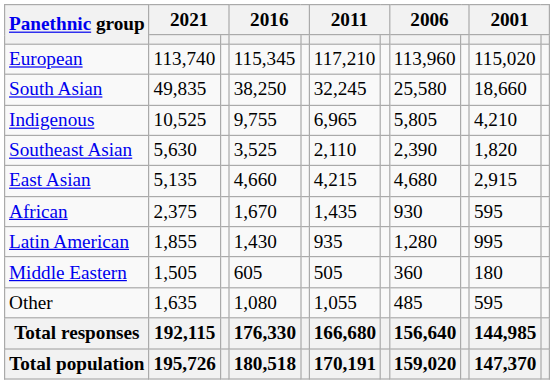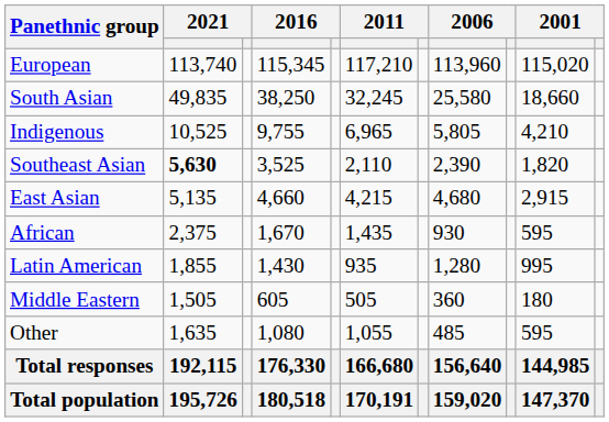 <table class="wikitable collapsible sortable">
 <tr>
 <th rowspan="2"><a href='#'>Panethnic</a> group</th>
 <th colspan="2">2021</th>
 <th colspan="2">2016</th>
 <th colspan="2">2011</th>
 <th colspan="2">2006</th>
 <th colspan="2">2001</th>
 </tr>
 <tr>
 <th><a href='#'></a></th>
 <th></th>
 <th></th>
 <th></th>
 <th></th>
 <th></th>
 <th></th>
 <th></th>
 <th></th>
 <th></th>
 </tr>
 <tr>
 <td><a href='#'>European</a></td>
 <td>113,740</td>
 <td></td>
 <td>115,345</td>
 <td></td>
 <td>117,210</td>
 <td></td>
 <td>113,960</td>
 <td></td>
 <td>115,020</td>
 <td></td>
 </tr>
 <tr>
 <td><a href='#'>South Asian</a></td>
 <td>49,835</td>
 <td></td>
 <td>38,250</td>
 <td></td>
 <td>32,245</td>
 <td></td>
 <td>25,580</td>
 <td></td>
 <td>18,660</td>
 <td></td>
 </tr>
 <tr>
 <td><a href='#'>Indigenous</a></td>
 <td>10,525</td>
 <td></td>
 <td>9,755</td>
 <td></td>
 <td>6,965</td>
 <td></td>
 <td>5,805</td>
 <td></td>
 <td>4,210</td>
 <td></td>
 </tr>
 <tr>
 <td><a href='#'>Southeast Asian</a></td>
-<td>5,630</td>
+<td><strong>5,630</strong></td>
 <td></td>
 <td>3,525</td>
 <td></td>
 <td>2,110</td>
 <td></td>
 <td>2,390</td>
 <td></td>
 <td>1,820</td>
 <td></td>
 </tr>
 <tr>
 <td><a href='#'>East Asian</a></td>
 <td>5,135</td>
 <td></td>
 <td>4,660</td>
 <td></td>
 <td>4,215</td>
 <td></td>
 <td>4,680</td>
 <td></td>
 <td>2,915</td>
 <td></td>
 </tr>
 <tr>
 <td><a href='#'>African</a></td>
 <td>2,375</td>
 <td></td>
 <td>1,670</td>
 <td></td>
 <td>1,435</td>
 <td></td>
 <td>930</td>
 <td></td>
 <td>595</td>
 <td></td>
 </tr>
 <tr>
 <td><a href='#'>Latin American</a></td>
 <td>1,855</td>
 <td></td>
 <td>1,430</td>
 <td></td>
 <td>935</td>
 <td></td>
 <td>1,280</td>
 <td></td>
 <td>995</td>
 <td></td>
 </tr>
 <tr>
 <td><a href='#'>Middle Eastern</a></td>
 <td>1,505</td>
 <td></td>
 <td>605</td>
 <td></td>
 <td>505</td>
 <td></td>
 <td>360</td>
 <td></td>
 <td>180</td>
 <td></td>
 </tr>
 <tr>
 <td>Other</td>
 <td>1,635</td>
 <td></td>
 <td>1,080</td>
 <td></td>
 <td>1,055</td>
 <td></td>
 <td>485</td>
 <td></td>
 <td>595</td>
 <td></td>
 </tr>
 <tr>
 <th>Total responses</th>
 <th>192,115</th>
 <th></th>
 <th>176,330</th>
 <th></th>
 <th>166,680</th>
 <th></th>
 <th>156,640</th>
 <th></th>
 <th>144,985</th>
 <th></th>
 </tr>
 <tr>
 <th>Total population</th>
 <th>195,726</th>
 <th></th>
 <th>180,518</th>
 <th></th>
 <th>170,191</th>
 <th></th>
 <th>159,020</th>
 <th></th>
 <th>147,370</th>
 <th></th>
 </tr>
 </table>
